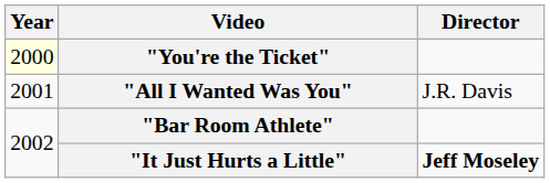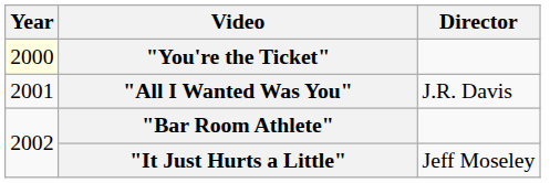 <table class="wikitable plainrowheaders">
 <tr>
 <th>Year</th>
 <th style="width:16em;">Video</th>
 <th>Director</th>
 </tr>
 <tr>
 <td style="background: lightyellow;">2000</td>
 <th scope="row">"You're the Ticket"</th>
 <td></td>
 </tr>
 <tr>
 <td>2001</td>
 <th scope="row">"All I Wanted Was You"</th>
 <td>J.R. Davis</td>
 </tr>
 <tr>
 <td rowspan="2">2002</td>
 <th scope="row">"Bar Room Athlete"</th>
 <td></td>
 </tr>
 <tr>
 <th scope="row">"It Just Hurts a Little"</th>
-<td><strong>Jeff Moseley</strong></td>
+<td>Jeff Moseley</td>
 </tr>
 </table>
